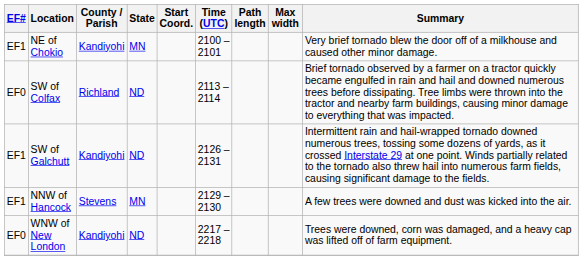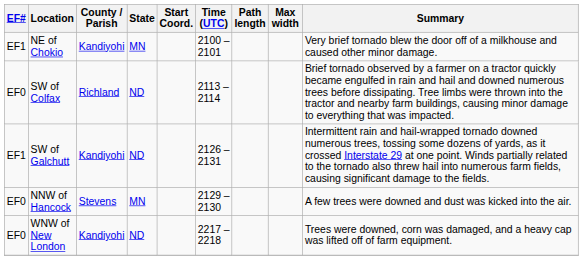 <table class="wikitable sortable" style="width:100%;">
 <tr>
 <th scope="col" width="3%" align="center"><a href='#'>EF#</a></th>
 <th scope="col" width="7%" align="center" class="unsortable">Location</th>
 <th scope="col" width="6%" align="center" class="unsortable">County / Parish</th>
 <th scope="col" width="5%" align="center">State</th>
 <th scope="col" width="6%" align="center">Start Coord.</th>
 <th scope="col" width="6%" align="center">Time (<a href='#'>UTC</a>)</th>
 <th scope="col" width="6%" align="center">Path length</th>
 <th scope="col" width="6%" align="center">Max width</th>
 <th scope="col" width="48%" class="unsortable" align="center">Summary</th>
 </tr>
 <tr>
 <td>EF1</td>
 <td>NE of <a href='#'>Chokio</a></td>
 <td><a href='#'>Kandiyohi</a></td>
 <td><a href='#'>MN</a></td>
 <td></td>
 <td>2100 – 2101</td>
 <td></td>
 <td></td>
 <td>Very brief tornado blew the door off of a milkhouse and caused other minor damage.</td>
 </tr>
 <tr>
 <td>EF0</td>
 <td>SW of <a href='#'>Colfax</a></td>
 <td><a href='#'>Richland</a></td>
 <td><a href='#'>ND</a></td>
 <td></td>
 <td>2113 – 2114</td>
 <td></td>
 <td></td>
 <td>Brief tornado observed by a farmer on a tractor quickly became engulfed in rain and hail and downed numerous trees before dissipating. Tree limbs were thrown into the tractor and nearby farm buildings, causing minor damage to everything that was impacted.</td>
 </tr>
 <tr>
 <td>EF1</td>
 <td>SW of <a href='#'>Galchutt</a></td>
 <td><a href='#'>Kandiyohi</a></td>
 <td><a href='#'>ND</a></td>
 <td></td>
 <td>2126 – 2131</td>
 <td></td>
 <td></td>
 <td>Intermittent rain and hail-wrapped tornado downed numerous trees, tossing some dozens of yards, as it crossed <a href='#'>Interstate 29</a> at one point. Winds partially related to the tornado also threw hail into numerous farm fields, causing significant damage to the fields.</td>
 </tr>
 <tr>
-<td>EF1</td>
+<td>EF0</td>
 <td>NNW of <a href='#'>Hancock</a></td>
 <td><a href='#'>Stevens</a></td>
 <td><a href='#'>MN</a></td>
 <td></td>
 <td>2129 – 2130</td>
 <td></td>
 <td></td>
 <td>A few trees were downed and dust was kicked into the air.</td>
 </tr>
 <tr>
 <td>EF0</td>
 <td>WNW of <a href='#'>New London</a></td>
 <td><a href='#'>Kandiyohi</a></td>
 <td><a href='#'>ND</a></td>
 <td></td>
 <td>2217 – 2218</td>
 <td></td>
 <td></td>
 <td>Trees were downed, corn was damaged, and a heavy cap was lifted off of farm equipment.</td>
 </tr>
 <tr>
 </tr>
 </table>
